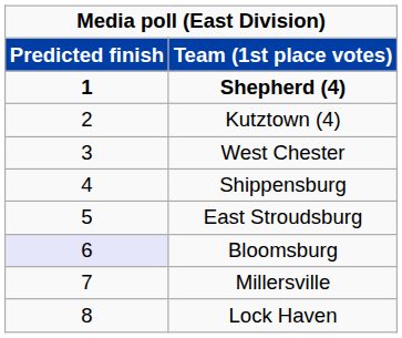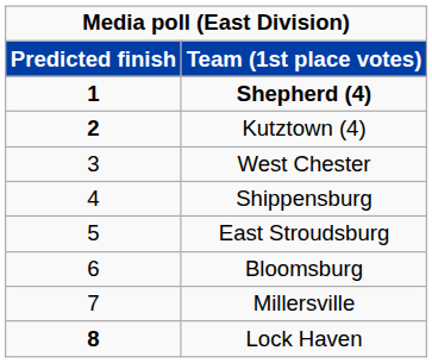 <table class="wikitable" style="display: inline-table; text-align: center">
 <tr>
 <td colspan="3"><strong>Media poll (East Division)</strong></td>
 </tr>
 <tr>
 <td style="background: #003DA5; color: #FFFFFF;"><strong>Predicted finish</strong></td>
 <td style="background: #003DA5; color: #FFFFFF;"><strong>Team (1st place votes)</strong></td>
 </tr>
 <tr>
 <td><strong>1</strong></td>
 <td><strong>Shepherd (4)</strong></td>
 </tr>
 <tr>
-<td>2</td>
+<td><strong>2</strong></td>
 <td>Kutztown (4)</td>
 </tr>
 <tr>
 <td>3</td>
 <td>West Chester</td>
 </tr>
 <tr>
 <td>4</td>
 <td>Shippensburg</td>
 </tr>
 <tr>
 <td>5</td>
 <td>East Stroudsburg</td>
 </tr>
 <tr>
-<td style="background: lavender;">6</td>
+<td>6</td>
 <td>Bloomsburg</td>
 </tr>
 <tr>
 <td>7</td>
 <td>Millersville</td>
 </tr>
 <tr>
-<td>8</td>
+<td><strong>8</strong></td>
 <td>Lock Haven</td>
 </tr>
 </table>
